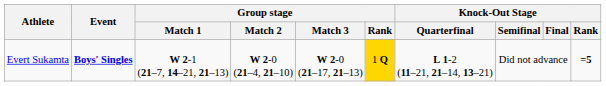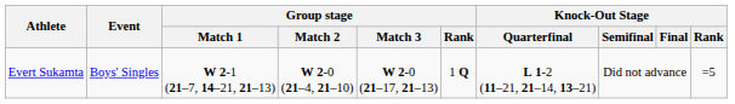 <table class="wikitable" border="1" style="font-size:90%">
 <tr>
 <th rowspan=2>Athlete</th>
 <th rowspan=2>Event</th>
 <th colspan=4>Group stage</th>
 <th colspan=4>Knock-Out Stage</th>
 </tr>
 <tr>
 <th>Match 1</th>
 <th>Match 2</th>
 <th>Match 3</th>
 <th>Rank</th>
 <th>Quarterfinal</th>
 <th>Semifinal</th>
 <th>Final</th>
 <th>Rank</th>
 </tr>
 <tr>
 <td><a href='#'>Evert Sukamta</a></td>
-<td><strong><a href='#'>Boys' Singles</a></strong></td>
+<td><a href='#'>Boys' Singles</a></td>
 <td align=center><br><strong>W</strong> <strong>2</strong>-1<br> (<strong>21</strong>–7, <strong>14</strong>–21, <strong>21</strong>–13)</td>
 <td align=center><br><strong>W</strong> <strong>2</strong>-0<br> (<strong>21</strong>–4, <strong>21</strong>–10)</td>
 <td align=center><br><strong>W</strong> <strong>2</strong>-0<br> (<strong>21</strong>–17, <strong>21</strong>–13)</td>
-<td align=center style="background: gold;">1 <strong>Q</strong></td>
+<td align=center>1 <strong>Q</strong></td>
 <td align=center><br><strong>L</strong> <strong>1</strong>-2<br> (<strong>11</strong>–21, <strong>21</strong>–14, <strong>13</strong>–21)</td>
 <td colspan=2 align=center>Did not advance</td>
-<td align=center><strong>=5</strong></td>
+<td align=center>=5</td>
 </tr>
 </table>
